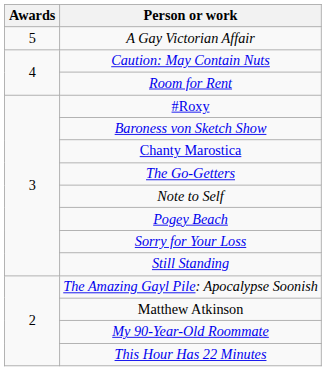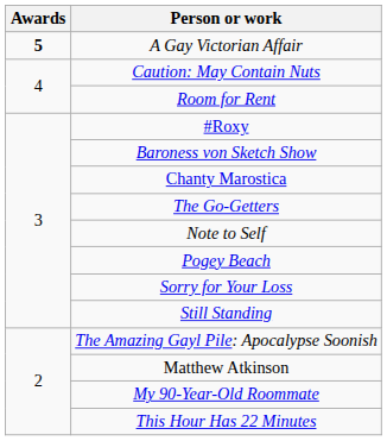 <table class="wikitable sortable" style="text-align:center">
 <tr>
 <th scope="col" style="width:55px;">Awards</th>
 <th scope="col" style="text-align:center;">Person or work</th>
 </tr>
 <tr>
-<td style="text-align:center">5</td>
+<td style="text-align:center"><strong>5</strong></td>
 <td><em>A Gay Victorian Affair</em></td>
 </tr>
 <tr>
 <td rowspan=2 style="text-align:center">4</td>
 <td><em><a href='#'>Caution: May Contain Nuts</a></em></td>
 </tr>
 <tr>
 <td><em><a href='#'>Room for Rent</a></em></td>
 </tr>
 <tr>
 <td rowspan=8 style="text-align:center">3</td>
 <td><a href='#'>#Roxy</a></td>
 </tr>
 <tr>
 <td><em><a href='#'>Baroness von Sketch Show</a></em></td>
 </tr>
 <tr>
 <td><a href='#'>Chanty Marostica</a></td>
 </tr>
 <tr>
 <td><em><a href='#'>The Go-Getters</a></em></td>
 </tr>
 <tr>
 <td><em>Note to Self</em></td>
 </tr>
 <tr>
 <td><em><a href='#'>Pogey Beach</a></em></td>
 </tr>
 <tr>
 <td><em><a href='#'>Sorry for Your Loss</a></em></td>
 </tr>
 <tr>
 <td><em><a href='#'>Still Standing</a></em></td>
 </tr>
 <tr>
 <td rowspan=4 style="text-align:center">2</td>
 <td><em><a href='#'>The Amazing Gayl Pile</a>: Apocalypse Soonish</em></td>
 </tr>
 <tr>
 <td>Matthew Atkinson</td>
 </tr>
 <tr>
 <td><em><a href='#'>My 90-Year-Old Roommate</a></em></td>
 </tr>
 <tr>
 <td><em><a href='#'>This Hour Has 22 Minutes</a></em></td>
 </tr>
 </table>
